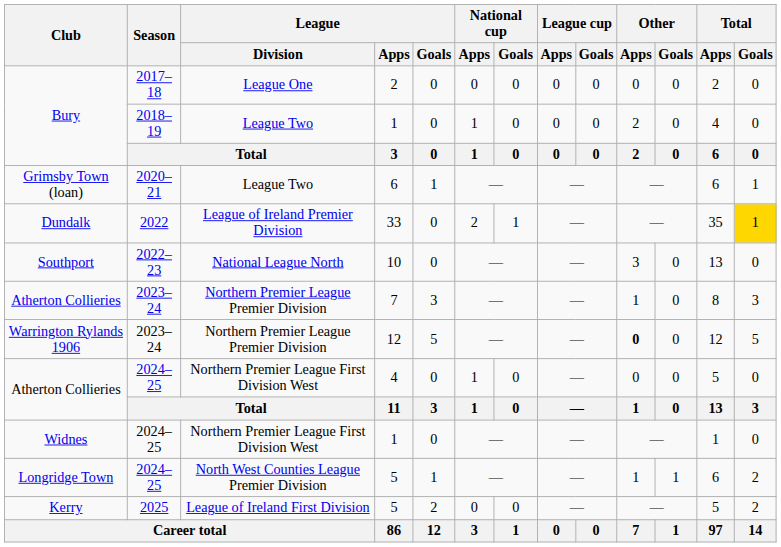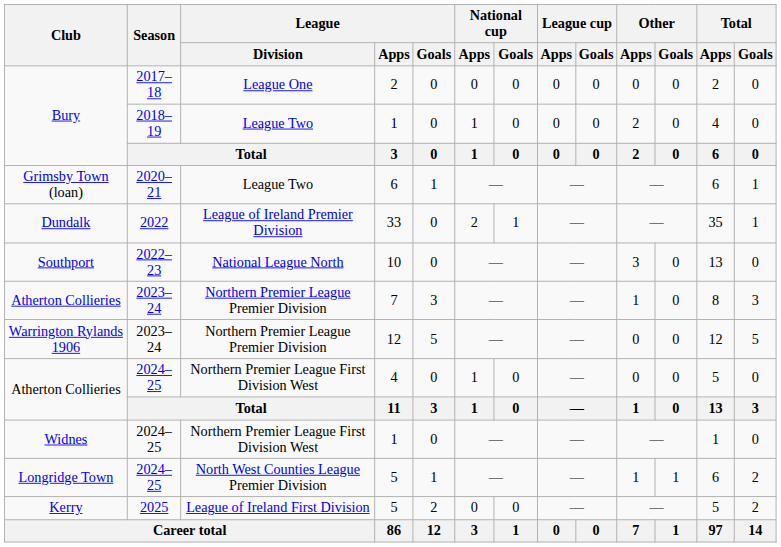 <table class="wikitable" style="text-align: center">
 <tr>
 <th rowspan="2">Club</th>
 <th rowspan="2">Season</th>
 <th colspan="3">League</th>
 <th colspan="2">National cup</th>
 <th colspan="2">League cup</th>
 <th colspan="2">Other</th>
 <th colspan="2">Total</th>
 </tr>
 <tr>
 <th>Division</th>
 <th>Apps</th>
 <th>Goals</th>
 <th>Apps</th>
 <th>Goals</th>
 <th>Apps</th>
 <th>Goals</th>
 <th>Apps</th>
 <th>Goals</th>
 <th>Apps</th>
 <th>Goals</th>
 </tr>
 <tr>
 <td rowspan="3"><a href='#'>Bury</a></td>
 <td><a href='#'>2017–18</a></td>
 <td><a href='#'>League One</a></td>
 <td>2</td>
 <td>0</td>
 <td>0</td>
 <td>0</td>
 <td>0</td>
 <td>0</td>
 <td>0</td>
 <td>0</td>
 <td>2</td>
 <td>0</td>
 </tr>
 <tr>
 <td><a href='#'>2018–19</a></td>
 <td><a href='#'>League Two</a></td>
 <td>1</td>
 <td>0</td>
 <td>1</td>
 <td>0</td>
 <td>0</td>
 <td>0</td>
 <td>2</td>
 <td>0</td>
 <td>4</td>
 <td>0</td>
 </tr>
 <tr>
 <th colspan="2">Total</th>
 <th>3</th>
 <th>0</th>
 <th>1</th>
 <th>0</th>
 <th>0</th>
 <th>0</th>
 <th>2</th>
 <th>0</th>
 <th>6</th>
 <th>0</th>
 </tr>
 <tr>
 <td><a href='#'>Grimsby Town</a> (loan)</td>
 <td><a href='#'>2020–21</a></td>
 <td>League Two</td>
 <td>6</td>
 <td>1</td>
 <td colspan="2">―</td>
 <td colspan="2">―</td>
 <td colspan="2">―</td>
 <td>6</td>
 <td>1</td>
 </tr>
 <tr>
 <td><a href='#'>Dundalk</a></td>
 <td><a href='#'>2022</a></td>
 <td><a href='#'>League of Ireland Premier Division</a></td>
 <td>33</td>
 <td>0</td>
 <td>2</td>
 <td>1</td>
 <td colspan="2">―</td>
 <td colspan="2">―</td>
 <td>35</td>
-<td style="background: gold;">1</td>
+<td>1</td>
 </tr>
 <tr>
 <td><a href='#'>Southport</a></td>
 <td><a href='#'>2022–23</a></td>
 <td><a href='#'>National League North</a></td>
 <td>10</td>
 <td>0</td>
 <td colspan="2">―</td>
 <td colspan="2">―</td>
 <td>3</td>
 <td>0</td>
 <td>13</td>
 <td>0</td>
 </tr>
 <tr>
 <td><a href='#'>Atherton Collieries</a></td>
 <td><a href='#'>2023–24</a></td>
 <td><a href='#'>Northern Premier League</a> Premier Division</td>
 <td>7</td>
 <td>3</td>
 <td colspan="2">―</td>
 <td colspan="2">―</td>
 <td>1</td>
 <td>0</td>
 <td>8</td>
 <td>3</td>
 </tr>
 <tr>
 <td><a href='#'>Warrington Rylands 1906</a></td>
 <td>2023–24</td>
 <td>Northern Premier League Premier Division</td>
 <td>12</td>
 <td>5</td>
 <td colspan="2">―</td>
 <td colspan="2">―</td>
-<td><strong>0</strong></td>
+<td>0</td>
 <td>0</td>
 <td>12</td>
 <td>5</td>
 </tr>
 <tr>
 <td rowspan="2">Atherton Collieries</td>
 <td><a href='#'>2024–25</a></td>
 <td>Northern Premier League First Division West</td>
 <td>4</td>
 <td>0</td>
 <td>1</td>
 <td>0</td>
 <td colspan="2">―</td>
 <td>0</td>
 <td>0</td>
 <td>5</td>
 <td>0</td>
 </tr>
 <tr>
 <th colspan="2">Total</th>
 <th>11</th>
 <th>3</th>
 <th>1</th>
 <th>0</th>
 <th colspan="2">―</th>
 <th>1</th>
 <th>0</th>
 <th>13</th>
 <th>3</th>
 </tr>
 <tr>
 <td><a href='#'>Widnes</a></td>
 <td>2024–25</td>
 <td>Northern Premier League First Division West</td>
 <td>1</td>
 <td>0</td>
 <td colspan="2">―</td>
 <td colspan="2">―</td>
 <td colspan="2">―</td>
 <td>1</td>
 <td>0</td>
 </tr>
 <tr>
 <td><a href='#'>Longridge Town</a></td>
 <td><a href='#'>2024–25</a></td>
 <td><a href='#'>North West Counties League</a> Premier Division</td>
 <td>5</td>
 <td>1</td>
 <td colspan="2">―</td>
 <td colspan="2">―</td>
 <td>1</td>
 <td>1</td>
 <td>6</td>
 <td>2</td>
 </tr>
 <tr>
 <td><a href='#'>Kerry</a></td>
 <td><a href='#'>2025</a></td>
 <td><a href='#'>League of Ireland First Division</a></td>
 <td>5</td>
 <td>2</td>
 <td>0</td>
 <td>0</td>
 <td colspan="2">―</td>
 <td colspan="2">―</td>
 <td>5</td>
 <td>2</td>
 </tr>
 <tr>
 <th colspan="3">Career total</th>
 <th>86</th>
 <th>12</th>
 <th>3</th>
 <th>1</th>
 <th>0</th>
 <th>0</th>
 <th>7</th>
 <th>1</th>
 <th>97</th>
 <th>14</th>
 </tr>
 </table>
